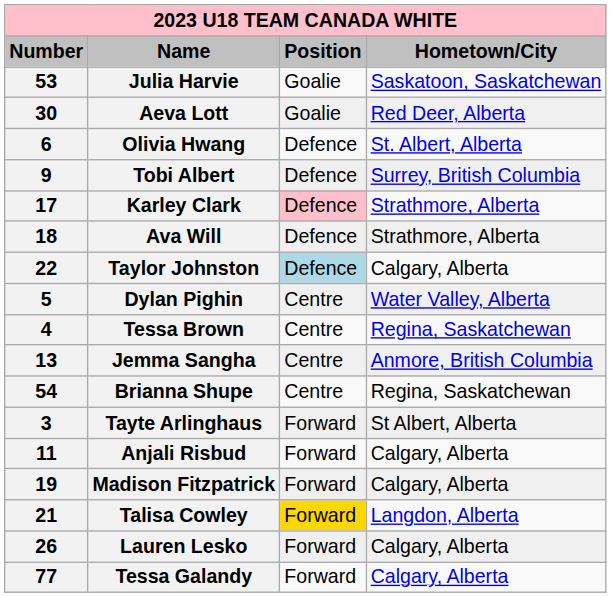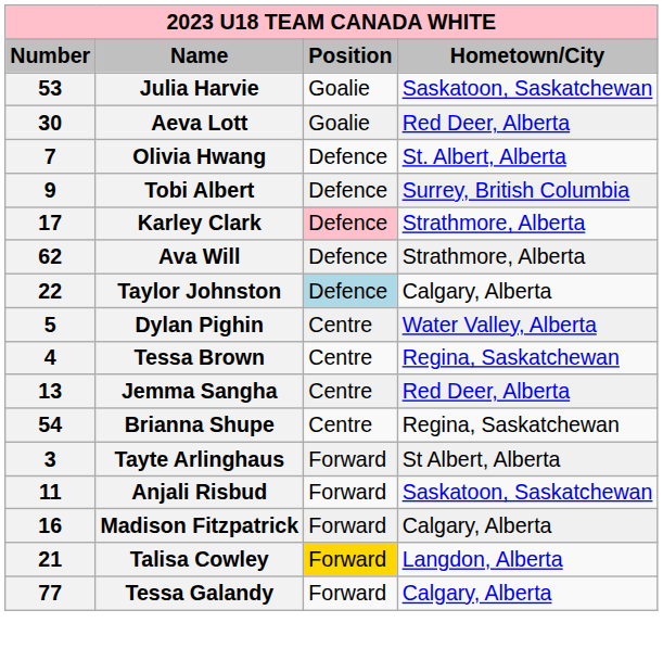 <table class="wikitable" style="text-align:left; font-size:90%;">
 <tr>
 <th style=background:pink colspan=4>2023 U18 TEAM CANADA WHITE</th>
 </tr>
 <tr>
 <th style="background:silver;">Number</th>
 <th style="background:silver;">Name</th>
 <th style="background:silver;">Position</th>
 <th style="background:silver;">Hometown/City</th>
 </tr>
 <tr>
 <th align=left>53</th>
 <th align=left>Julia Harvie</th>
 <td align=left>Goalie</td>
 <td><a href='#'>Saskatoon, Saskatchewan</a></td>
 </tr>
 <tr bgcolor="#f0f0f0">
 <th align=left>30</th>
 <th align=left>Aeva Lott</th>
 <td align=left>Goalie</td>
 <td><a href='#'>Red Deer, Alberta</a></td>
 </tr>
 <tr>
-<th align=left>6</th>
+<th align=left>7</th>
 <th align=left>Olivia Hwang</th>
 <td align=left>Defence</td>
 <td><a href='#'>St. Albert, Alberta</a></td>
 </tr>
 <tr bgcolor="#f0f0f0">
 <th align=left>9</th>
 <th align=left>Tobi Albert</th>
 <td align=left>Defence</td>
 <td><a href='#'>Surrey, British Columbia</a></td>
 </tr>
 <tr>
 <th align=left>17</th>
 <th align=left>Karley Clark</th>
 <td align=left style="background: pink;">Defence</td>
 <td><a href='#'>Strathmore, Alberta</a></td>
 </tr>
 <tr bgcolor="#f0f0f0">
-<th align=left>18</th>
+<th align=left>62</th>
 <th align=left>Ava Will</th>
 <td align=left>Defence</td>
 <td>Strathmore, Alberta</td>
 </tr>
 <tr>
 <th align=left>22</th>
 <th align=left>Taylor Johnston</th>
 <td align=left style="background: lightblue;">Defence</td>
 <td>Calgary, Alberta</td>
 </tr>
 <tr bgcolor="#f0f0f0">
 <th align=left>5</th>
 <th align=left>Dylan Pighin</th>
 <td align=left>Centre</td>
 <td><a href='#'>Water Valley, Alberta</a></td>
 </tr>
 <tr>
 <th align=left>4</th>
 <th align=left>Tessa Brown</th>
 <td align=left>Centre</td>
 <td><a href='#'>Regina, Saskatchewan</a></td>
 </tr>
 <tr bgcolor="#f0f0f0">
 <th align=left>13</th>
 <th align=left>Jemma Sangha</th>
 <td align=left>Centre</td>
-<td><a href='#'>Anmore, British Columbia</a></td>
+<td><a href='#'>Red Deer, Alberta</a></td>
 </tr>
 <tr>
 <th align=left>54</th>
 <th align=left>Brianna Shupe</th>
 <td align=left>Centre</td>
 <td>Regina, Saskatchewan</td>
 </tr>
 <tr bgcolor="#f0f0f0">
 <th align=left>3</th>
 <th align=left>Tayte Arlinghaus</th>
 <td align=left>Forward</td>
 <td>St Albert, Alberta</td>
 </tr>
 <tr>
 <th align=left>11</th>
 <th align=left>Anjali Risbud</th>
 <td align=left>Forward</td>
-<td>Calgary, Alberta</td>
+<td><a href='#'>Saskatoon, Saskatchewan</a></td>
 </tr>
 <tr bgcolor="#f0f0f0">
-<th align=left>19</th>
+<th align=left>16</th>
 <th align=left>Madison Fitzpatrick</th>
 <td align=left>Forward</td>
 <td>Calgary, Alberta</td>
 </tr>
 <tr>
 <th align=left>21</th>
 <th align=left>Talisa Cowley</th>
 <td align=left style="background: gold;">Forward</td>
 <td><a href='#'>Langdon, Alberta</a></td>
 </tr>
-<tr bgcolor="#f0f0f0">
-<th align=left>26</th>
-<th align=left>Lauren Lesko</th>
-<td align=left>Forward</td>
-<td>Calgary, Alberta</td>
-</tr>
 <tr>
 <th align=left>77</th>
 <th align=left>Tessa Galandy</th>
 <td align=left>Forward</td>
 <td><a href='#'>Calgary, Alberta</a></td>
 </tr>
 </table>
